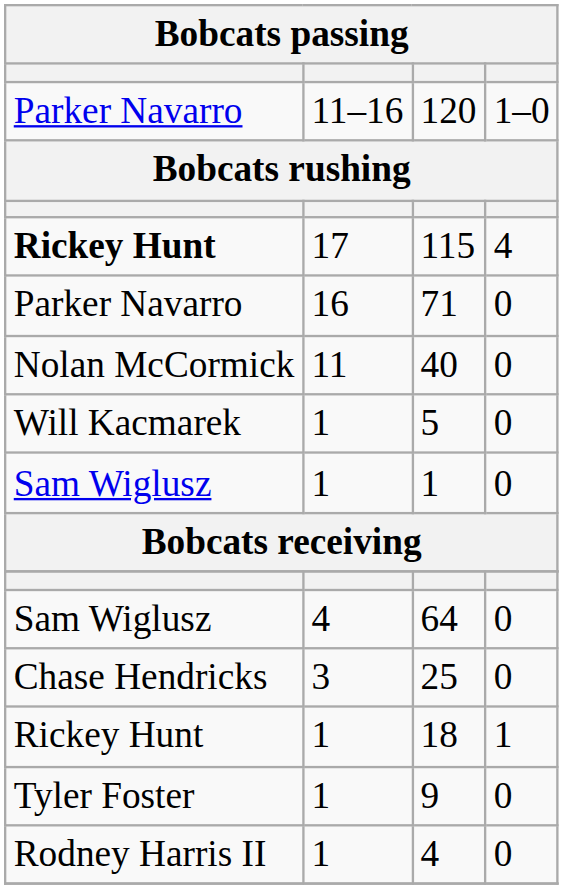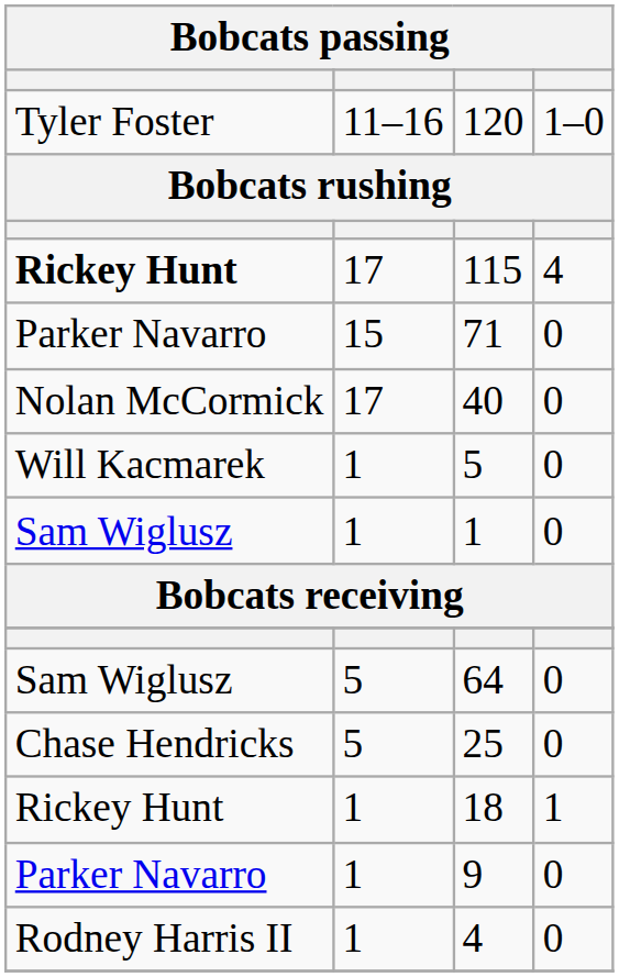 <table class="wikitable plainrowheaders">
 <tr>
 <th colspan="6">Bobcats passing</th>
 </tr>
 <tr>
 <th scope="col"></th>
 <th scope="col"></th>
 <th scope="col"></th>
 <th scope="col"></th>
 </tr>
 <tr>
-<td><a href='#'>Parker Navarro</a></td>
+<td>Tyler Foster</td>
 <td>11–16</td>
 <td>120</td>
 <td>1–0</td>
 </tr>
 <tr>
 <th colspan="6">Bobcats rushing</th>
 </tr>
 <tr>
 <th scope="col"></th>
 <th scope="col"></th>
 <th scope="col"></th>
 <th scope="col"></th>
 </tr>
 <tr>
 <td><strong>Rickey Hunt</strong></td>
 <td>17</td>
 <td>115</td>
 <td>4</td>
 </tr>
 <tr>
 <td>Parker Navarro</td>
-<td>16</td>
+<td>15</td>
 <td>71</td>
 <td>0</td>
 </tr>
 <tr>
 <td>Nolan McCormick</td>
-<td>11</td>
+<td>17</td>
 <td>40</td>
 <td>0</td>
 </tr>
 <tr>
 <td>Will Kacmarek</td>
 <td>1</td>
 <td>5</td>
 <td>0</td>
 </tr>
 <tr>
 <td><a href='#'>Sam Wiglusz</a></td>
 <td>1</td>
 <td>1</td>
 <td>0</td>
 </tr>
 <tr>
 <th colspan="6">Bobcats receiving</th>
 </tr>
 <tr>
 </tr>
 <tr>
 <th scope="col"></th>
 <th scope="col"></th>
 <th scope="col"></th>
 <th scope="col"></th>
 </tr>
 <tr>
 <td>Sam Wiglusz</td>
-<td>4</td>
+<td>5</td>
 <td>64</td>
 <td>0</td>
 </tr>
 <tr>
 <td>Chase Hendricks</td>
-<td>3</td>
+<td>5</td>
 <td>25</td>
 <td>0</td>
 </tr>
 <tr>
 <td>Rickey Hunt</td>
 <td>1</td>
 <td>18</td>
 <td>1</td>
 </tr>
 <tr>
-<td>Tyler Foster</td>
+<td><a href='#'>Parker Navarro</a></td>
 <td>1</td>
 <td>9</td>
 <td>0</td>
 </tr>
 <tr>
 <td>Rodney Harris II</td>
 <td>1</td>
 <td>4</td>
 <td>0</td>
 </tr>
 <tr>
 </tr>
 </table>
